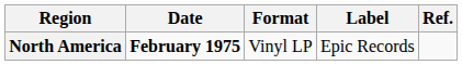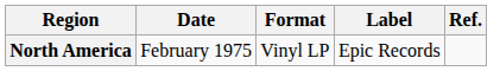 <table class="wikitable plainrowheaders">
 <tr>
 <th scope="col">Region</th>
 <th scope="col">Date</th>
 <th scope="col">Format</th>
 <th scope="col">Label</th>
 <th scope="col">Ref.</th>
 </tr>
 <tr>
 <th scope="row">North America</th>
-<td><strong>February 1975</strong></td>
+<td>February 1975</td>
 <td>Vinyl LP</td>
 <td>Epic Records</td>
 <td></td>
 </tr>
 <tr>
 </tr>
 </table>
